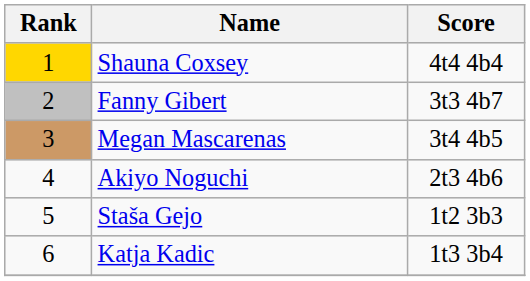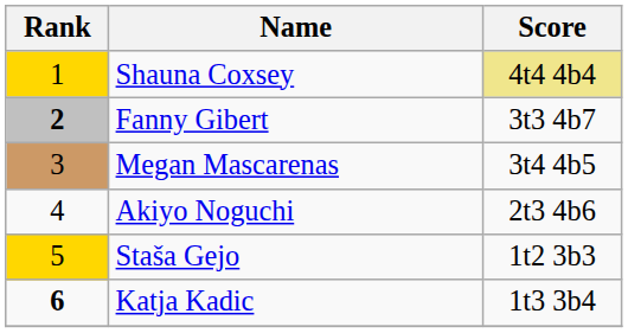 <table class="wikitable">
 <tr>
 <th width = "50">Rank</th>
 <th width = "200">Name</th>
 <th width = "70">Score</th>
 </tr>
 <tr>
 <td align="center" style="background: gold">1</td>
 <td> <a href='#'>Shauna Coxsey</a></td>
-<td align="center">4t4 4b4</td>
+<td align="center" style="background: khaki;">4t4 4b4</td>
 </tr>
 <tr>
-<td align="center" style="background: silver">2</td>
+<td align="center" style="background: silver"><strong>2</strong></td>
 <td> <a href='#'>Fanny Gibert</a></td>
 <td align="center">3t3 4b7</td>
 </tr>
 <tr>
 <td align="center" style="background: #cc9966">3</td>
 <td> <a href='#'>Megan Mascarenas</a></td>
 <td align="center">3t4 4b5</td>
 </tr>
 <tr>
 <td align="center">4</td>
 <td> <a href='#'>Akiyo Noguchi</a></td>
 <td align="center">2t3 4b6</td>
 </tr>
 <tr>
-<td align="center">5</td>
+<td align="center" style="background: gold;">5</td>
 <td> <a href='#'>Staša Gejo</a></td>
 <td align="center">1t2 3b3</td>
 </tr>
 <tr>
-<td align="center">6</td>
+<td align="center"><strong>6</strong></td>
 <td> <a href='#'>Katja Kadic</a></td>
 <td align="center">1t3 3b4</td>
 </tr>
 <tr>
 </tr>
 </table>
